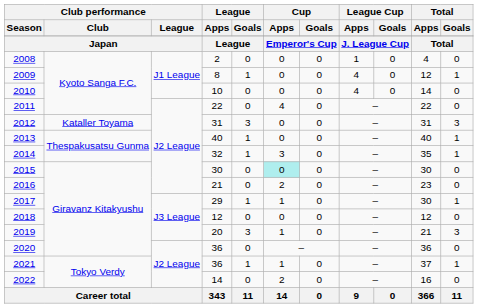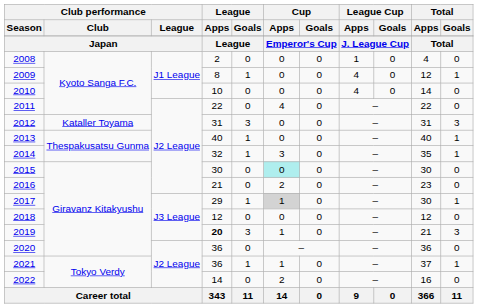 <table class="wikitable" style="text-align:center">
 <tr>
 <th colspan=3>Club performance</th>
 <th colspan=2>League</th>
 <th colspan=2>Cup</th>
 <th colspan=2>League Cup</th>
 <th colspan=2>Total</th>
 </tr>
 <tr>
 <th>Season</th>
 <th>Club</th>
 <th>League</th>
 <th>Apps</th>
 <th>Goals</th>
 <th>Apps</th>
 <th>Goals</th>
 <th>Apps</th>
 <th>Goals</th>
 <th>Apps</th>
 <th>Goals</th>
 </tr>
 <tr>
 </tr>
 <tr>
 <th colspan=3>Japan</th>
 <th colspan=2>League</th>
 <th colspan=2><a href='#'>Emperor's Cup</a></th>
 <th colspan=2><a href='#'>J. League Cup</a></th>
 <th colspan=2>Total</th>
 </tr>
 <tr>
 <td><a href='#'>2008</a></td>
 <td rowspan="4"><a href='#'>Kyoto Sanga F.C.</a></td>
 <td rowspan="3"><a href='#'>J1 League</a></td>
 <td>2</td>
 <td>0</td>
 <td>0</td>
 <td>0</td>
 <td>1</td>
 <td>0</td>
 <td>4</td>
 <td>0</td>
 </tr>
 <tr>
 <td><a href='#'>2009</a></td>
 <td>8</td>
 <td>1</td>
 <td>0</td>
 <td>0</td>
 <td>4</td>
 <td>0</td>
 <td>12</td>
 <td>1</td>
 </tr>
 <tr>
 <td><a href='#'>2010</a></td>
 <td>10</td>
 <td>0</td>
 <td>0</td>
 <td>0</td>
 <td>4</td>
 <td>0</td>
 <td>14</td>
 <td>0</td>
 </tr>
 <tr>
 <td><a href='#'>2011</a></td>
 <td rowspan="6"><a href='#'>J2 League</a></td>
 <td>22</td>
 <td>0</td>
 <td>4</td>
 <td>0</td>
 <td colspan="2">–</td>
 <td>22</td>
 <td>0</td>
 </tr>
 <tr>
 <td><a href='#'>2012</a></td>
 <td><a href='#'>Kataller Toyama</a></td>
 <td>31</td>
 <td>3</td>
 <td>0</td>
 <td>0</td>
 <td colspan="2">–</td>
 <td>31</td>
 <td>3</td>
 </tr>
 <tr>
 <td><a href='#'>2013</a></td>
 <td rowspan="2"><a href='#'>Thespakusatsu Gunma</a></td>
 <td>40</td>
 <td>1</td>
 <td>0</td>
 <td>0</td>
 <td colspan="2">–</td>
 <td>40</td>
 <td>1</td>
 </tr>
 <tr>
 <td><a href='#'>2014</a></td>
 <td>32</td>
 <td>1</td>
 <td>3</td>
 <td>0</td>
 <td colspan="2">–</td>
 <td>35</td>
 <td>1</td>
 </tr>
 <tr>
 <td><a href='#'>2015</a></td>
 <td rowspan="6"><a href='#'>Giravanz Kitakyushu</a></td>
 <td>30</td>
 <td>0</td>
 <td style="background: paleturquoise;">0</td>
 <td>0</td>
 <td colspan="2">–</td>
 <td>30</td>
 <td>0</td>
 </tr>
 <tr>
 <td><a href='#'>2016</a></td>
 <td>21</td>
 <td>0</td>
 <td>2</td>
 <td>0</td>
 <td colspan="2">–</td>
 <td>23</td>
 <td>0</td>
 </tr>
 <tr>
 <td><a href='#'>2017</a></td>
 <td rowspan="3"><a href='#'>J3 League</a></td>
 <td>29</td>
 <td>1</td>
-<td>1</td>
+<td style="background: lightgrey;">1</td>
 <td>0</td>
 <td colspan="2">–</td>
 <td>30</td>
 <td>1</td>
 </tr>
 <tr>
 <td><a href='#'>2018</a></td>
 <td>12</td>
 <td>0</td>
 <td>0</td>
 <td>0</td>
 <td colspan="2">–</td>
 <td>12</td>
 <td>0</td>
 </tr>
 <tr>
 <td><a href='#'>2019</a></td>
-<td>20</td>
+<td><strong>20</strong></td>
 <td>3</td>
 <td>1</td>
 <td>0</td>
 <td colspan="2">–</td>
 <td>21</td>
 <td>3</td>
 </tr>
 <tr>
 <td><a href='#'>2020</a></td>
 <td rowspan="3"><a href='#'>J2 League</a></td>
 <td>36</td>
 <td>0</td>
 <td colspan="2">–</td>
 <td colspan="2">–</td>
 <td>36</td>
 <td>0</td>
 </tr>
 <tr>
 <td><a href='#'>2021</a></td>
 <td rowspan="2"><a href='#'>Tokyo Verdy</a></td>
 <td>36</td>
 <td>1</td>
 <td>1</td>
 <td>0</td>
 <td colspan="2">–</td>
 <td>37</td>
 <td>1</td>
 </tr>
 <tr>
 <td><a href='#'>2022</a></td>
 <td>14</td>
 <td>0</td>
 <td>2</td>
 <td>0</td>
 <td colspan="2">–</td>
 <td>16</td>
 <td>0</td>
 </tr>
 <tr>
 <th colspan="3">Career total</th>
 <th>343</th>
 <th>11</th>
 <th>14</th>
 <th>0</th>
 <th>9</th>
 <th>0</th>
 <th>366</th>
 <th>11</th>
 </tr>
 </table>
